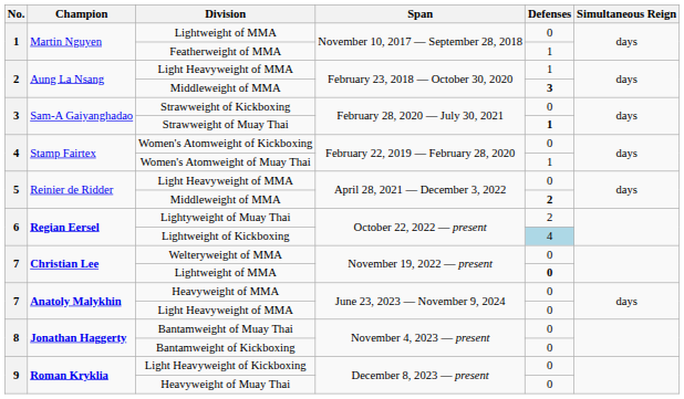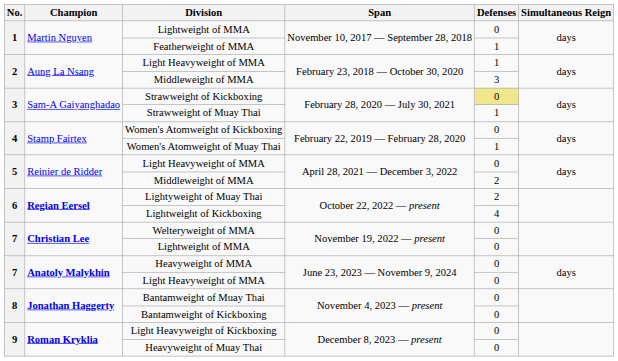 <table class="wikitable">
 <tr>
 <th>No.</th>
 <th>Champion</th>
 <th>Division</th>
 <th>Span</th>
 <th>Defenses</th>
 <th>Simultaneous Reign</th>
 </tr>
 <tr>
 <th rowspan=2>1</th>
 <td align=left rowspan=2> <a href='#'>Martin Nguyen</a></td>
 <td align=center rowspan=1>Lightweight of MMA</td>
 <td align=center rowspan=2>November 10, 2017 — September 28, 2018</td>
 <td align=center>0</td>
 <td align=center rowspan=2> days</td>
 </tr>
 <tr>
 <td align=center rowspan=1>Featherweight of MMA</td>
 <td align=center>1</td>
 </tr>
 <tr>
 <th rowspan=2>2</th>
 <td align=left rowspan=2> <a href='#'>Aung La Nsang</a></td>
 <td align=center rowspan=1>Light Heavyweight of MMA</td>
 <td align=center rowspan=2>February 23, 2018 — October 30, 2020</td>
 <td align=center>1</td>
 <td align=center rowspan=2> days</td>
 </tr>
 <tr>
 <td align=center rowspan=1>Middleweight of MMA</td>
-<td align=center><strong>3</strong></td>
+<td align=center>3</td>
 </tr>
 <tr>
 <th rowspan=2>3</th>
 <td align=left rowspan=2> <a href='#'>Sam-A Gaiyanghadao</a></td>
 <td align=center rowspan=1>Strawweight of Kickboxing</td>
 <td align=center rowspan=2>February 28, 2020 — July 30, 2021</td>
-<td align=center>0</td>
+<td align=center style="background: khaki;">0</td>
 <td align=center rowspan=2> days</td>
 </tr>
 <tr>
 <td align=center rowspan=1>Strawweight of Muay Thai</td>
-<td align=center><strong>1</strong></td>
+<td align=center>1</td>
 </tr>
 <tr>
 <th rowspan=2>4</th>
 <td align=left rowspan=2> <a href='#'>Stamp Fairtex</a></td>
 <td align=center rowspan=1>Women's Atomweight of Kickboxing</td>
 <td align=center rowspan=2>February 22, 2019 — February 28, 2020</td>
 <td align=center>0</td>
 <td align=center rowspan=2> days</td>
 </tr>
 <tr>
 <td align=center rowspan=1>Women's Atomweight of Muay Thai</td>
 <td align=center>1</td>
 </tr>
 <tr>
 <th rowspan=2>5</th>
 <td align=left rowspan=2> <a href='#'>Reinier de Ridder</a></td>
 <td align=center rowspan=1>Light Heavyweight of MMA</td>
 <td align=center rowspan=2>April 28, 2021 — December 3, 2022</td>
 <td align=center>0</td>
 <td align=center rowspan=2> days</td>
 </tr>
 <tr>
 <td align=center rowspan=1>Middleweight of MMA</td>
-<td align=center><strong>2</strong></td>
+<td align=center>2</td>
 </tr>
 <tr>
 <th rowspan=2>6</th>
 <td align=left rowspan=2> <strong><a href='#'>Regian Eersel</a></strong></td>
 <td align=center rowspan=1>Lightyweight of Muay Thai</td>
 <td align=center rowspan=2>October 22, 2022 — <em>present</em></td>
 <td align=center>2</td>
 <td align=center rowspan=2></td>
 </tr>
 <tr>
 <td align=center rowspan=1>Lightweight of Kickboxing</td>
-<td align=center style="background: lightblue;">4</td>
+<td align=center>4</td>
 </tr>
 <tr>
 <th rowspan=2>7</th>
 <td align=left rowspan=2> <strong><a href='#'>Christian Lee</a></strong></td>
 <td align=center rowspan=1>Welteryweight of MMA</td>
 <td align=center rowspan=2>November 19, 2022 — <em>present</em></td>
 <td align=center>0</td>
 <td align=center rowspan=2></td>
 </tr>
 <tr>
 <td align=center rowspan=1>Lightweight of MMA</td>
-<td align=center><strong>0</strong></td>
+<td align=center>0</td>
 </tr>
 <tr>
 <th rowspan=2>7</th>
 <td align=left rowspan=2> <strong><a href='#'>Anatoly Malykhin</a> </strong></td>
 <td align=center rowspan=1>Heavyweight of MMA</td>
 <td align=center rowspan=2>June 23, 2023 — November 9, 2024</td>
 <td align=center>0</td>
 <td align=center rowspan=2> days</td>
 </tr>
 <tr>
 <td align=center rowspan=1>Light Heavyweight of MMA</td>
 <td align=center>0</td>
 </tr>
 <tr>
 <th rowspan=2>8</th>
 <td align=left rowspan=2> <strong><a href='#'>Jonathan Haggerty</a> </strong></td>
 <td align=center rowspan=1>Bantamweight of Muay Thai</td>
 <td align=center rowspan=2>November 4, 2023 — <em>present</em></td>
 <td align=center>0</td>
 <td align=center rowspan=2></td>
 </tr>
 <tr>
 <td align=center rowspan=1>Bantamweight of Kickboxing</td>
 <td align=center>0</td>
 </tr>
 <tr>
 <th rowspan=2>9</th>
 <td align=left rowspan=2> <strong><a href='#'>Roman Kryklia</a> </strong></td>
 <td align=center rowspan=1>Light Heavyweight of Kickboxing</td>
 <td align=center rowspan=2>December 8, 2023 — <em>present</em></td>
 <td align=center>0</td>
 <td align=center rowspan=2></td>
 </tr>
 <tr>
 <td align=center rowspan=1>Heavyweight of Muay Thai</td>
 <td align=center>0</td>
 </tr>
 </table>
